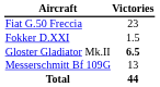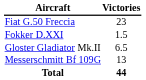 <table cellpadding="1" cellspacing="0">
 <tr>
 <th>Aircraft</th>
 <th>Victories</th>
 </tr>
 <tr>
 <th bgcolor="#000000" colspan="2"></th>
 </tr>
 <tr>
 <td><a href='#'>Fiat G.50 Freccia</a></td>
 <td align="center">23</td>
 </tr>
 <tr>
 <td><a href='#'>Fokker D.XXI</a></td>
 <td align="center">1.5</td>
 </tr>
 <tr>
 <td><a href='#'>Gloster Gladiator</a> Mk.II</td>
-<td align="center"><strong>6.5</strong></td>
+<td align="center">6.5</td>
 </tr>
 <tr>
 <td><a href='#'>Messerschmitt Bf 109G</a></td>
 <td align="center">13</td>
 </tr>
 <tr>
 <th>Total</th>
 <th>44</th>
 </tr>
 <tr>
 </tr>
 </table>
